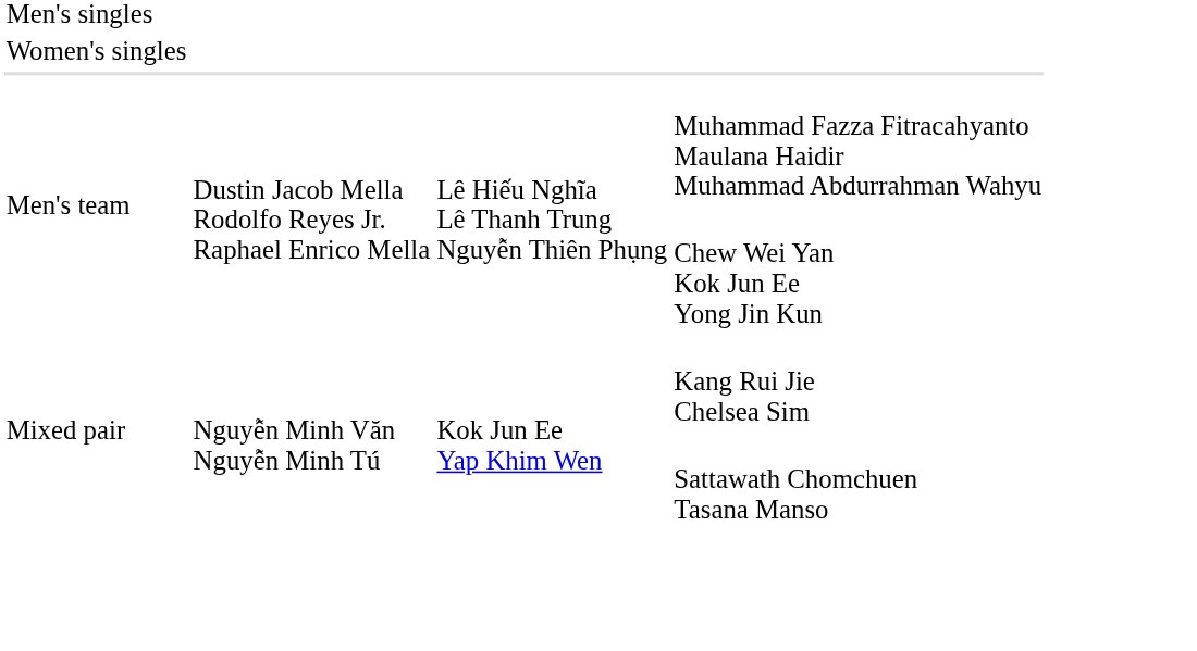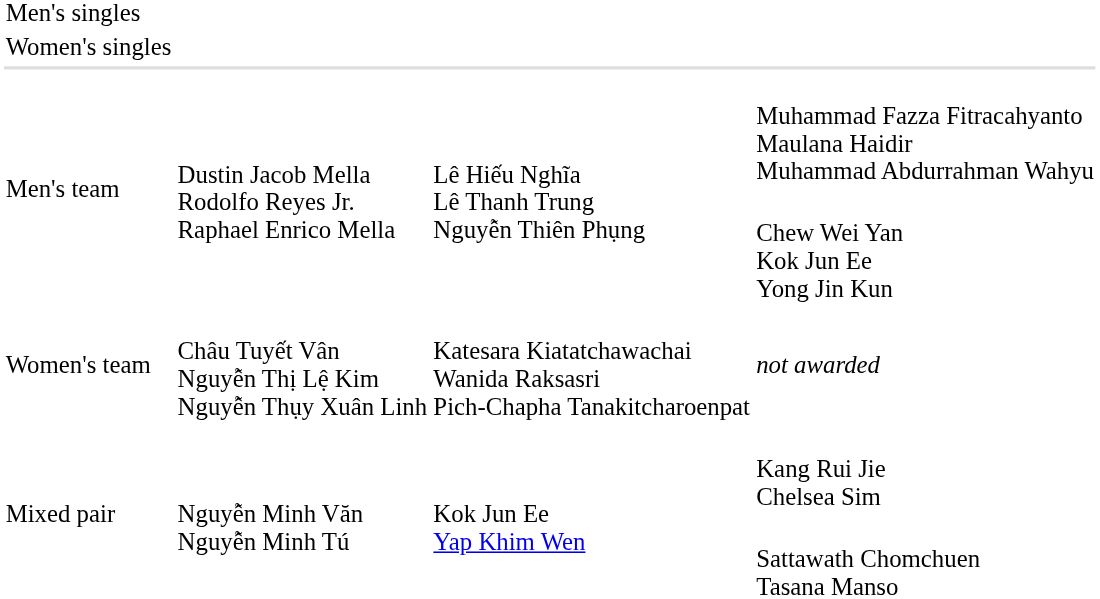 <table>
 <tr>
 <td rowspan=2>Men's singles</td>
 <td rowspan=2></td>
 <td rowspan=2></td>
 <td></td>
 </tr>
 <tr>
 <td></td>
 </tr>
 <tr>
 <td rowspan=2>Women's singles</td>
 <td rowspan=2></td>
 <td rowspan=2></td>
 <td></td>
 </tr>
 <tr>
 <td></td>
 </tr>
 <tr bgcolor=#dddddd>
 <td colspan=4></td>
 </tr>
 <tr>
 <td rowspan=2>Men's team</td>
 <td rowspan=2><br>Dustin Jacob Mella<br>Rodolfo Reyes Jr.<br>Raphael Enrico Mella</td>
 <td rowspan=2><br>Lê Hiếu Nghĩa<br>Lê Thanh Trung<br>Nguyễn Thiên Phụng</td>
 <td nowrap><br>Muhammad Fazza Fitracahyanto<br>Maulana Haidir<br>Muhammad Abdurrahman Wahyu</td>
 </tr>
 <tr>
 <td><br>Chew Wei Yan<br>Kok Jun Ee<br>Yong Jin Kun</td>
 </tr>
 <tr>
+<td>Women's team</td>
+<td nowrap><br>Châu Tuyết Vân<br>Nguyễn Thị Lệ Kim<br>Nguyễn Thụy Xuân Linh</td>
+<td nowrap><br>Katesara Kiatatchawachai<br>Wanida Raksasri<br>Pich-Chapha Tanakitcharoenpat</td>
+<td><em>not awarded</em></td>
+</tr>
+<tr>
 <td rowspan=2>Mixed pair</td>
 <td rowspan=2><br>Nguyễn Minh Văn<br>Nguyễn Minh Tú</td>
 <td rowspan=2><br>Kok Jun Ee<br><a href='#'>Yap Khim Wen</a></td>
 <td><br>Kang Rui Jie<br>Chelsea Sim</td>
 </tr>
 <tr>
 <td><br>Sattawath Chomchuen<br>Tasana Manso</td>
 </tr>
 </table>
